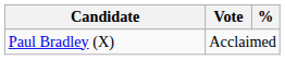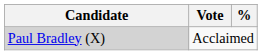 <table class="wikitable">
 <tr>
 <th bgcolor="#DDDDFF" width="200px">Candidate</th>
 <th bgcolor="#DDDDFF">Vote</th>
 <th bgcolor="#DDDDFF">%</th>
 </tr>
 <tr>
-<td><a href='#'>Paul Bradley</a> (X)</td>
+<td style="background: lightgrey;"><a href='#'>Paul Bradley</a> (X)</td>
 <td colspan="2">Acclaimed</td>
 </tr>
 </table>
